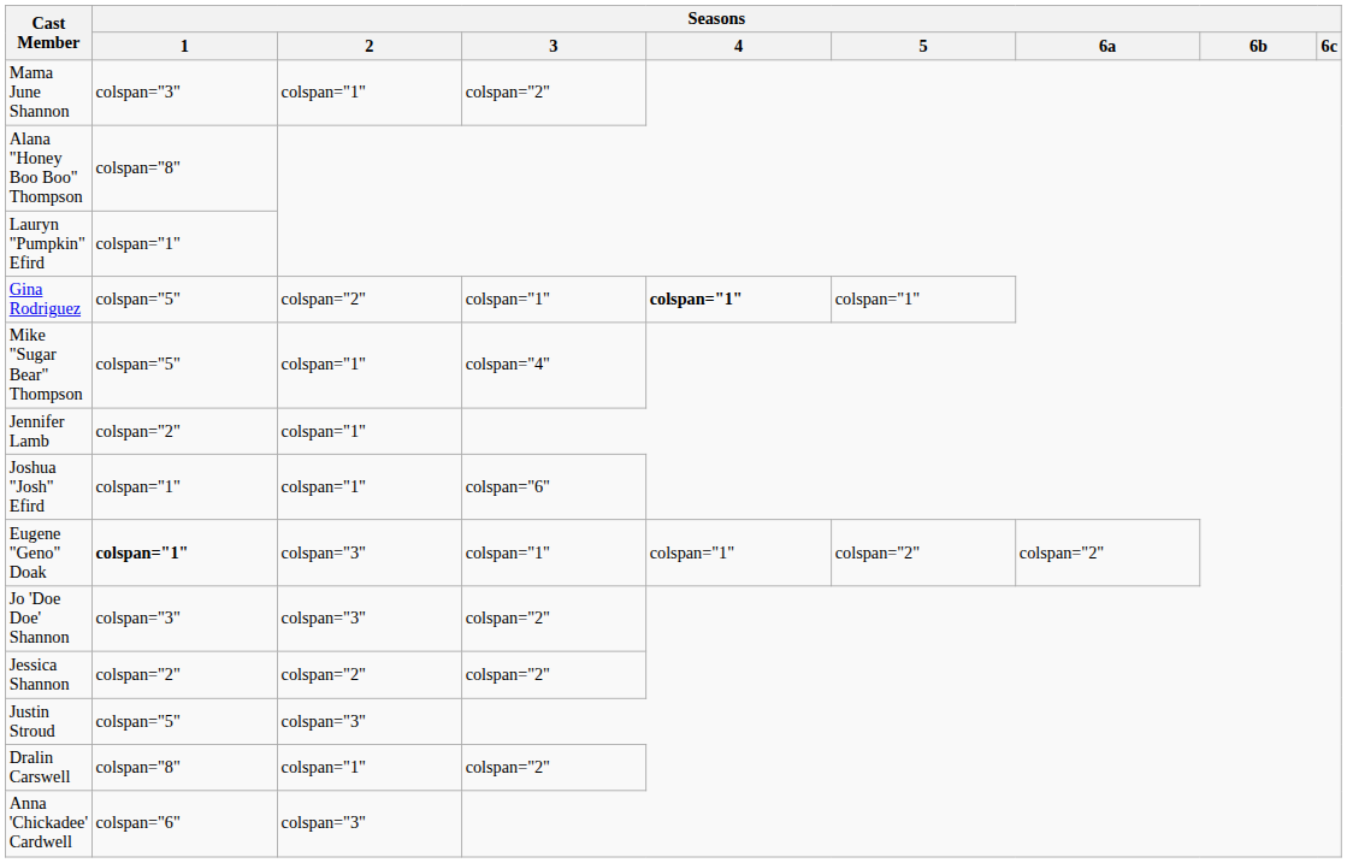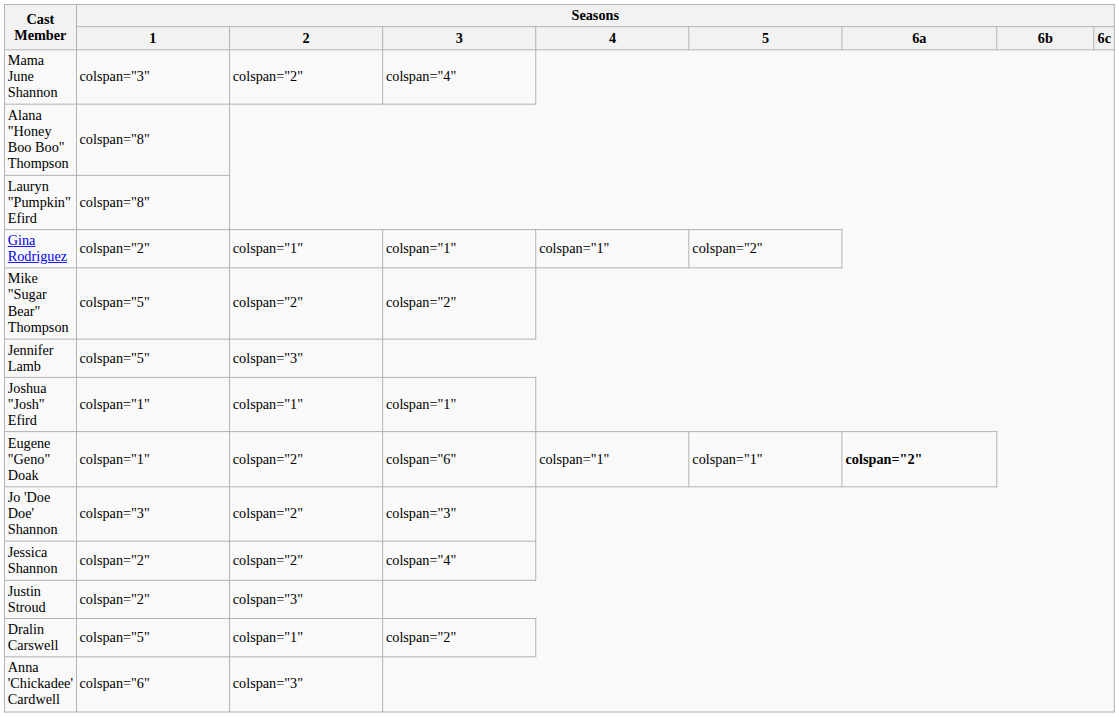 <table class="wikitable">
 <tr>
 <th rowspan="2">Cast Member</th>
 <th colspan="8">Seasons</th>
 </tr>
 <tr>
 <th style="width:15%;">1</th>
 <th style="width:15%;">2</th>
 <th style="width:15%;">3</th>
 <th style="width:15%;">4</th>
 <th style="width:15%;">5</th>
 <th style="width:15%;">6a</th>
 <th style="width:15%;">6b</th>
 <th style="width:15%;">6c</th>
 </tr>
 <tr>
 <td Mama June>Mama June Shannon</td>
 <td>colspan="3" </td>
-<td>colspan="1" </td>
 <td>colspan="2" </td>
+<td>colspan="4" </td>
 </tr>
 <tr>
 <td>Alana "Honey Boo Boo" Thompson</td>
 <td>colspan="8" </td>
 </tr>
 <tr>
 <td>Lauryn "Pumpkin" Efird</td>
-<td>colspan="1" </td>
+<td>colspan="8" </td>
 </tr>
 <tr>
 <td><a href='#'>Gina Rodriguez</a></td>
-<td>colspan="5" </td>
 <td>colspan="2" </td>
 <td>colspan="1" </td>
-<td><strong>colspan="1" </strong></td>
 <td>colspan="1" </td>
+<td>colspan="1" </td>
+<td>colspan="2" </td>
 </tr>
 <tr>
 <td>Mike "Sugar Bear" Thompson</td>
 <td>colspan="5" </td>
-<td>colspan="1" </td>
-<td>colspan="4" </td>
+<td>colspan="2" </td>
+<td>colspan="2" </td>
 </tr>
 <tr>
 <td>Jennifer Lamb</td>
-<td>colspan="2" </td>
-<td>colspan="1" </td>
+<td>colspan="5" </td>
+<td>colspan="3" </td>
 </tr>
 <tr>
 <td>Joshua "Josh" Efird</td>
 <td>colspan="1" </td>
 <td>colspan="1"</td>
-<td>colspan="6" </td>
+<td>colspan="1" </td>
 </tr>
 <tr>
 <td>Eugene "Geno" Doak</td>
-<td><strong>colspan="1" </strong></td>
-<td>colspan="3" </td>
+<td>colspan="1" </td>
+<td>colspan="2" </td>
+<td>colspan="6" </td>
 <td>colspan="1" </td>
 <td>colspan="1" </td>
-<td>colspan="2" </td>
-<td>colspan="2" </td>
+<td><strong>colspan="2" </strong></td>
 </tr>
 <tr>
 <td>Jo 'Doe Doe' Shannon</td>
 <td>colspan="3" </td>
+<td>colspan="2" </td>
 <td>colspan="3" </td>
-<td>colspan="2" </td>
 </tr>
 <tr>
 <td>Jessica Shannon</td>
 <td>colspan="2" </td>
 <td>colspan="2" </td>
-<td>colspan="2" </td>
+<td>colspan="4" </td>
 </tr>
 <tr>
 <td>Justin Stroud</td>
-<td>colspan="5" </td>
+<td>colspan="2" </td>
 <td>colspan="3" </td>
 </tr>
 <tr>
 <td>Dralin Carswell</td>
-<td>colspan="8" </td>
+<td>colspan="5" </td>
 <td>colspan="1" </td>
 <td>colspan="2" </td>
 </tr>
 <tr>
 <td>Anna 'Chickadee' Cardwell</td>
 <td>colspan="6" </td>
 <td>colspan="3" </td>
 </tr>
 </table>
